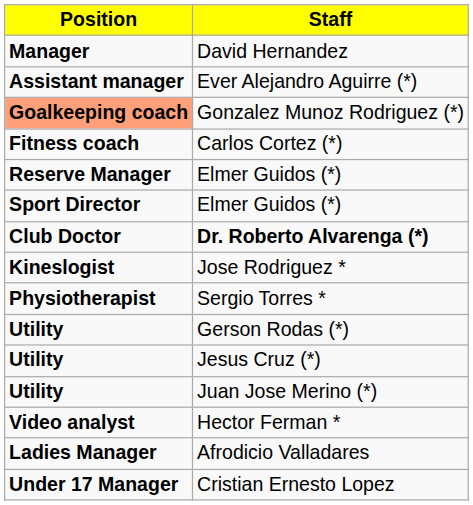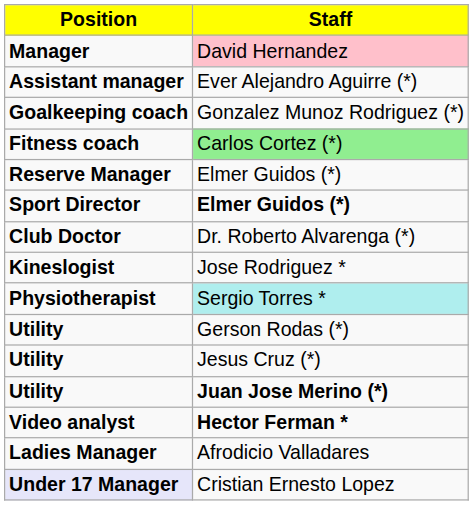 <table class="wikitable">
 <tr>
 <th style="color:Black; background:#FFFF00;;">Position</th>
 <th style="color:Black; background:#FFFF00;;">Staff</th>
 </tr>
 <tr>
 <td><strong>Manager</strong></td>
-<td> David Hernandez</td>
+<td style="background: pink;"> David Hernandez</td>
 </tr>
 <tr>
 <td><strong>Assistant manager</strong></td>
 <td> Ever Alejandro Aguirre (*)</td>
 </tr>
 <tr>
-<td style="background: lightsalmon;"><strong>Goalkeeping coach</strong></td>
+<td><strong>Goalkeeping coach</strong></td>
 <td> Gonzalez Munoz Rodriguez (*)</td>
 </tr>
 <tr>
 <td><strong>Fitness coach</strong></td>
-<td> Carlos Cortez (*)</td>
+<td style="background: lightgreen;"> Carlos Cortez (*)</td>
 </tr>
 <tr>
 <td><strong>Reserve Manager</strong></td>
 <td> Elmer Guidos (*)</td>
 </tr>
 <tr>
 <td><strong>Sport Director</strong></td>
-<td> Elmer Guidos (*)</td>
+<td><strong> Elmer Guidos (*)</strong></td>
 </tr>
 <tr>
 <td><strong>Club Doctor</strong></td>
-<td><strong> Dr. Roberto Alvarenga (*)</strong></td>
+<td> Dr. Roberto Alvarenga (*)</td>
 </tr>
 <tr>
 <td><strong>Kineslogist</strong></td>
 <td> Jose Rodriguez *</td>
 </tr>
 <tr>
 <td><strong>Physiotherapist</strong></td>
-<td> Sergio Torres *</td>
+<td style="background: paleturquoise;"> Sergio Torres *</td>
 </tr>
 <tr>
 <td><strong>Utility</strong></td>
 <td> Gerson Rodas (*)</td>
 </tr>
 <tr>
 <td><strong>Utility</strong></td>
 <td> Jesus Cruz (*)</td>
 </tr>
 <tr>
 <td><strong>Utility</strong></td>
-<td> Juan Jose Merino (*)</td>
+<td><strong> Juan Jose Merino (*)</strong></td>
 </tr>
 <tr>
 <td><strong>Video analyst</strong></td>
-<td> Hector Ferman *</td>
+<td><strong> Hector Ferman *</strong></td>
 </tr>
 <tr>
 <td><strong>Ladies Manager</strong></td>
 <td> Afrodicio Valladares</td>
 </tr>
 <tr>
-<td><strong>Under 17 Manager</strong></td>
+<td style="background: lavender;"><strong>Under 17 Manager</strong></td>
 <td> Cristian Ernesto Lopez</td>
 </tr>
 </table>
